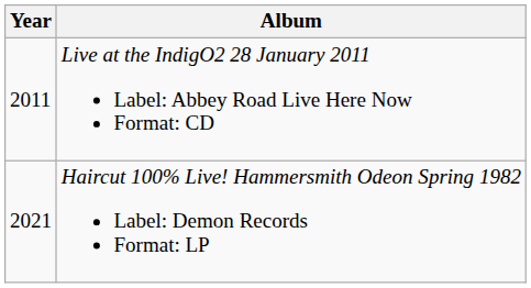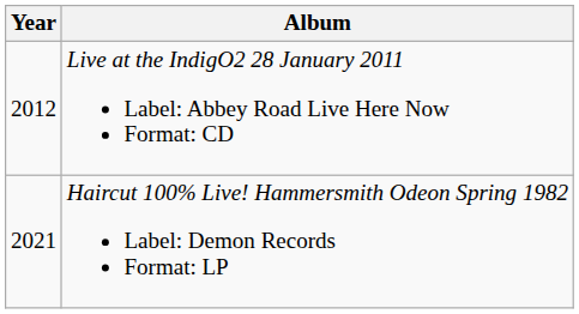 <table class="wikitable">
 <tr>
 <th>Year</th>
 <th>Album</th>
 </tr>
 <tr>
-<td>2011</td>
+<td>2012</td>
 <td><em>Live at the IndigO2 28 January 2011 </em><br><ul><li>Label: Abbey Road Live Here Now</li><li>Format: CD</li></ul></td>
 </tr>
 <tr>
 <td>2021</td>
 <td><em>Haircut 100% Live! Hammersmith Odeon Spring 1982</em><br><ul><li>Label: Demon Records</li><li>Format: LP</li></ul></td>
 </tr>
 </table>
